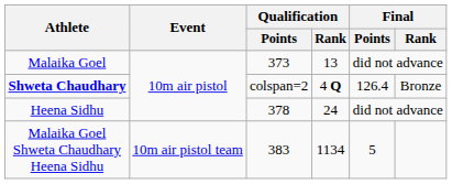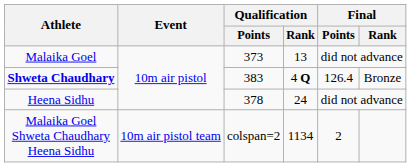 <table class=wikitable style="text-align:center; font-size:90%">
 <tr>
 <th rowspan=2>Athlete</th>
 <th rowspan=2>Event</th>
 <th colspan=2>Qualification</th>
 <th colspan=2>Final</th>
 </tr>
 <tr style="font-size:95%">
 <th>Points</th>
 <th>Rank</th>
 <th>Points</th>
 <th>Rank</th>
 </tr>
 <tr>
 <td><a href='#'>Malaika Goel</a></td>
 <td rowspan=3><a href='#'>10m air pistol</a></td>
 <td>373</td>
 <td>13</td>
 <td style="text-align:center;" colspan=2>did not advance</td>
 </tr>
 <tr>
 <td><strong><a href='#'>Shweta Chaudhary</a></strong></td>
-<td>colspan=2 </td>
+<td>383</td>
 <td>4 <strong>Q</strong></td>
 <td>126.4</td>
 <td> Bronze</td>
 </tr>
 <tr>
 <td><a href='#'>Heena Sidhu</a></td>
 <td>378</td>
 <td>24</td>
 <td style="text-align:center;" colspan=2>did not advance</td>
 </tr>
 <tr>
 <td><a href='#'>Malaika Goel</a><br><a href='#'>Shweta Chaudhary</a><br><a href='#'>Heena Sidhu</a></td>
 <td><a href='#'>10m air pistol team</a></td>
-<td>383</td>
+<td>colspan=2 </td>
 <td>1134</td>
-<td>5</td>
+<td>2</td>
 </tr>
 </table>
